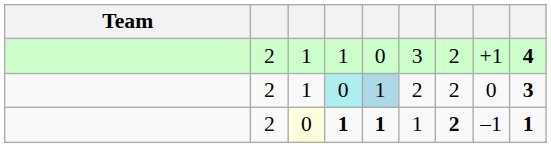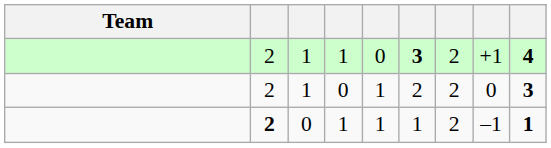 <table class="wikitable" style="text-align: center;">
 <tr>
 <th width="175">Team</th>
 <th width="20"></th>
 <th width="20"></th>
 <th width="20"></th>
 <th width="20"></th>
 <th width="20"></th>
 <th width="20"></th>
 <th width="20"></th>
 <th width="20"></th>
 </tr>
 <tr bgcolor=#CCFFCC>
 <td align=left></td>
 <td>2</td>
 <td>1</td>
 <td>1</td>
 <td>0</td>
-<td>3</td>
+<td><strong>3</strong></td>
 <td>2</td>
 <td>+1</td>
 <td><strong>4</strong></td>
 </tr>
 <tr>
 <td align=left></td>
 <td>2</td>
 <td>1</td>
-<td style="background: paleturquoise;">0</td>
-<td style="background: lightblue;">1</td>
+<td>0</td>
+<td>1</td>
 <td>2</td>
 <td>2</td>
 <td>0</td>
 <td><strong>3</strong></td>
 </tr>
 <tr>
 <td align=left></td>
+<td><strong>2</strong></td>
+<td>0</td>
+<td>1</td>
+<td>1</td>
+<td>1</td>
 <td>2</td>
-<td style="background: lightyellow;">0</td>
-<td><strong>1</strong></td>
-<td><strong>1</strong></td>
-<td>1</td>
-<td><strong>2</strong></td>
 <td>–1</td>
 <td><strong>1</strong></td>
 </tr>
 </table>
